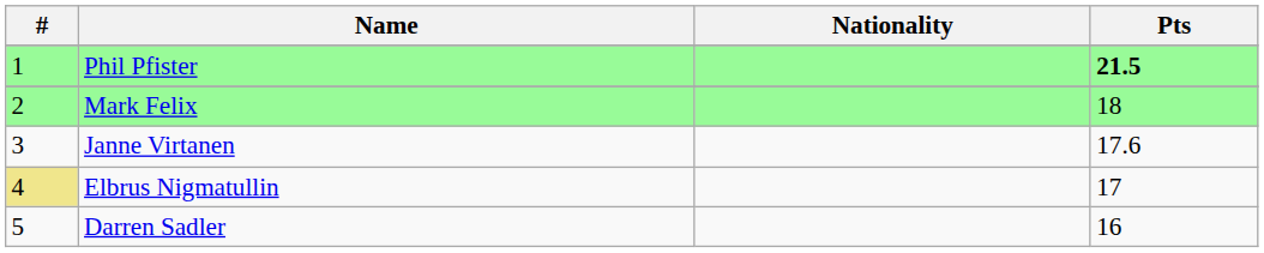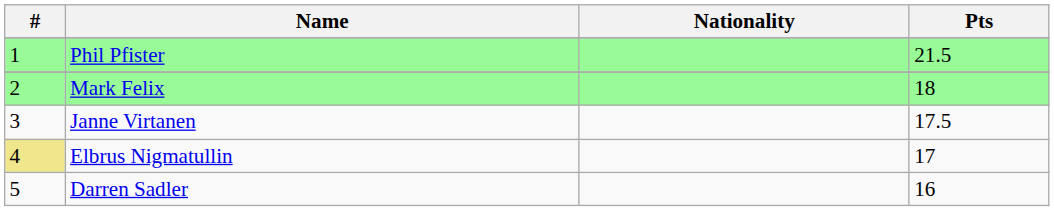 <table class="wikitable" style="display: inline-table; width: 50%;">
 <tr>
 <th>#</th>
 <th>Name</th>
 <th>Nationality</th>
 <th>Pts</th>
 </tr>
 <tr>
 </tr>
 <tr style="background:palegreen">
 <td>1</td>
 <td><a href='#'>Phil Pfister</a></td>
 <td></td>
-<td><strong>21.5</strong></td>
+<td>21.5</td>
 </tr>
 <tr>
 </tr>
 <tr style="background:palegreen">
 <td>2</td>
 <td><a href='#'>Mark Felix</a></td>
 <td></td>
 <td>18</td>
 </tr>
 <tr>
 <td>3</td>
 <td><a href='#'>Janne Virtanen</a></td>
 <td></td>
-<td>17.6</td>
+<td>17.5</td>
 </tr>
 <tr>
 <td style="background: khaki;">4</td>
 <td><a href='#'>Elbrus Nigmatullin</a></td>
 <td></td>
 <td>17</td>
 </tr>
 <tr>
 <td>5</td>
 <td><a href='#'>Darren Sadler</a></td>
 <td></td>
 <td>16</td>
 </tr>
 </table>
